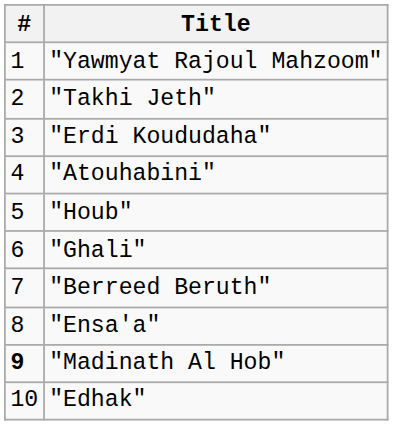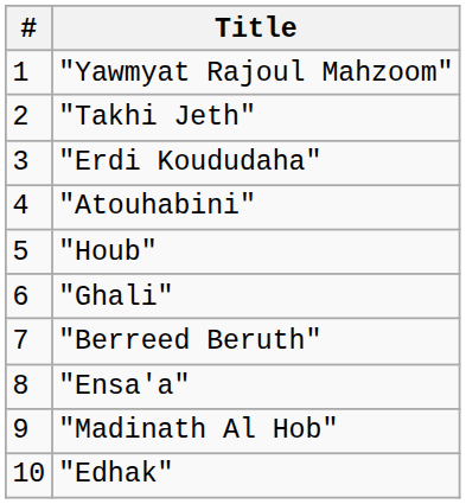 <table class="wikitable">
 <tr>
 <th align="center">#</th>
 <th align="center">Title</th>
 </tr>
 <tr>
 <td>1</td>
 <td>"Yawmyat Rajoul Mahzoom"</td>
 </tr>
 <tr>
 <td>2</td>
 <td>"Takhi Jeth"</td>
 </tr>
 <tr>
 <td>3</td>
 <td>"Erdi Koududaha"</td>
 </tr>
 <tr>
 <td>4</td>
 <td>"Atouhabini"</td>
 </tr>
 <tr>
 <td>5</td>
 <td>"Houb"</td>
 </tr>
 <tr>
 <td>6</td>
 <td>"Ghali"</td>
 </tr>
 <tr>
 <td>7</td>
 <td>"Berreed Beruth"</td>
 </tr>
 <tr>
 <td>8</td>
 <td>"Ensa'a"</td>
 </tr>
 <tr>
-<td><strong>9</strong></td>
+<td>9</td>
 <td>"Madinath Al Hob"</td>
 </tr>
 <tr>
 <td>10</td>
 <td>"Edhak"</td>
 </tr>
 </table>
